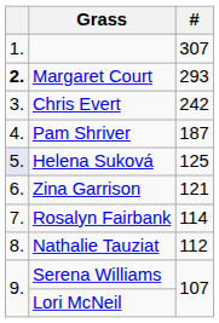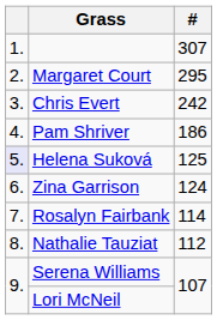 <table class="wikitable" style="display:inline-table">
 <tr>
 <th></th>
 <th>Grass</th>
 <th>#</th>
 </tr>
 <tr>
 <td>1.</td>
 <td></td>
 <td>307</td>
 </tr>
 <tr>
-<td><strong>2.</strong></td>
+<td>2.</td>
 <td> <a href='#'>Margaret Court</a></td>
-<td>293</td>
+<td>295</td>
 </tr>
 <tr>
 <td>3.</td>
 <td> <a href='#'>Chris Evert</a></td>
 <td>242</td>
 </tr>
 <tr>
 <td>4.</td>
 <td> <a href='#'>Pam Shriver</a></td>
-<td>187</td>
+<td>186</td>
 </tr>
 <tr>
 <td style="background: lavender;">5.</td>
 <td> <a href='#'>Helena Suková</a></td>
 <td>125</td>
 </tr>
 <tr>
 <td>6.</td>
 <td> <a href='#'>Zina Garrison</a></td>
-<td>121</td>
+<td>124</td>
 </tr>
 <tr>
 <td>7.</td>
 <td> <a href='#'>Rosalyn Fairbank</a></td>
 <td>114</td>
 </tr>
 <tr>
 <td>8.</td>
 <td> <a href='#'>Nathalie Tauziat</a></td>
 <td>112</td>
 </tr>
 <tr>
 <td rowspan=2>9.</td>
 <td> <a href='#'>Serena Williams</a></td>
 <td rowspan=2>107</td>
 </tr>
 <tr>
 <td> <a href='#'>Lori McNeil</a></td>
 </tr>
 </table>
